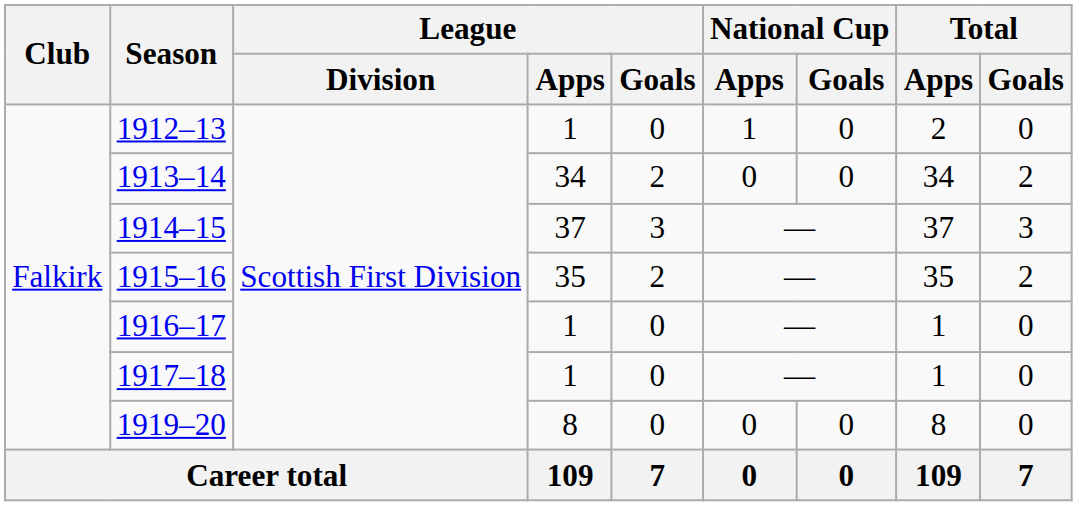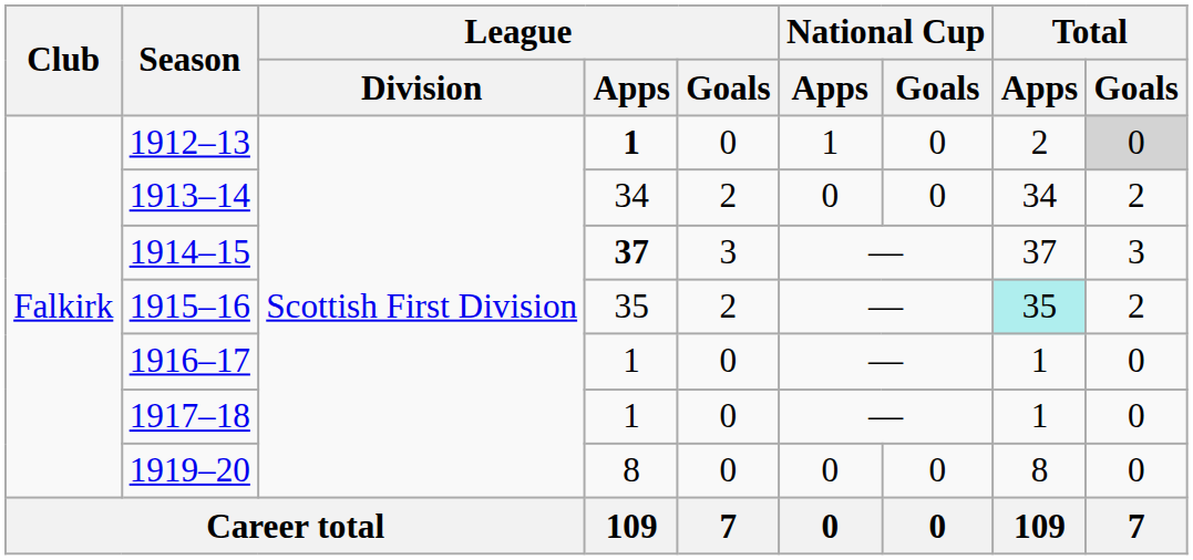 <table class="wikitable" style="text-align: center;">
 <tr>
 <th rowspan="2">Club</th>
 <th rowspan="2">Season</th>
 <th colspan="3">League</th>
 <th colspan="2">National Cup</th>
 <th colspan="2">Total</th>
 </tr>
 <tr>
 <th>Division</th>
 <th>Apps</th>
 <th>Goals</th>
 <th>Apps</th>
 <th>Goals</th>
 <th>Apps</th>
 <th>Goals</th>
 </tr>
 <tr>
 <td rowspan="7"><a href='#'>Falkirk</a></td>
 <td><a href='#'>1912–13</a></td>
 <td rowspan="7"><a href='#'>Scottish First Division</a></td>
-<td>1</td>
+<td><strong>1</strong></td>
 <td>0</td>
 <td>1</td>
 <td>0</td>
 <td>2</td>
-<td>0</td>
+<td style="background: lightgrey;">0</td>
 </tr>
 <tr>
 <td><a href='#'>1913–14</a></td>
 <td>34</td>
 <td>2</td>
 <td>0</td>
 <td>0</td>
 <td>34</td>
 <td>2</td>
 </tr>
 <tr>
 <td><a href='#'>1914–15</a></td>
-<td>37</td>
+<td><strong>37</strong></td>
 <td>3</td>
 <td colspan="2">—</td>
 <td>37</td>
 <td>3</td>
 </tr>
 <tr>
 <td><a href='#'>1915–16</a></td>
 <td>35</td>
 <td>2</td>
 <td colspan="2">—</td>
-<td>35</td>
+<td style="background: paleturquoise;">35</td>
 <td>2</td>
 </tr>
 <tr>
 <td><a href='#'>1916–17</a></td>
 <td>1</td>
 <td>0</td>
 <td colspan="2">—</td>
 <td>1</td>
 <td>0</td>
 </tr>
 <tr>
 <td><a href='#'>1917–18</a></td>
 <td>1</td>
 <td>0</td>
 <td colspan="2">—</td>
 <td>1</td>
 <td>0</td>
 </tr>
 <tr>
 <td><a href='#'>1919–20</a></td>
 <td>8</td>
 <td>0</td>
 <td>0</td>
 <td>0</td>
 <td>8</td>
 <td>0</td>
 </tr>
 <tr>
 <th colspan="3">Career total</th>
 <th>109</th>
 <th>7</th>
 <th>0</th>
 <th>0</th>
 <th>109</th>
 <th>7</th>
 </tr>
 </table>
